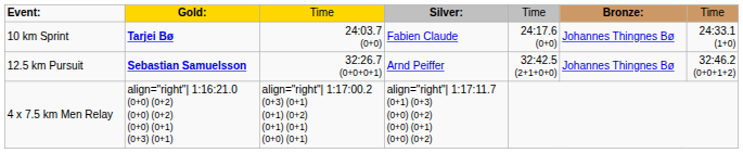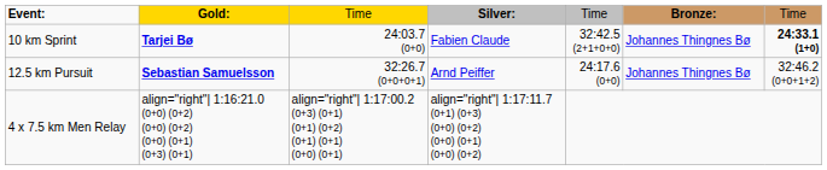 <table class="wikitable" width=85%>
 <tr>
 <td><strong>Event:</strong></td>
 <td style="text-align:center;background-color:gold;"><strong>Gold:</strong></td>
 <td style="text-align:center;background-color:gold;">Time</td>
 <td style="text-align:center;background-color:silver;"><strong>Silver:</strong></td>
 <td style="text-align:center;background-color:silver;">Time</td>
 <td style="text-align:center;background-color:#CC9966;"><strong>Bronze:</strong></td>
 <td style="text-align:center;background-color:#CC9966;">Time</td>
 </tr>
 <tr>
 <td>10 km Sprint<br></td>
 <td><strong><a href='#'>Tarjei Bø</a></strong><br><small></small></td>
 <td align=right>24:03.7<br><small>(0+0)</small></td>
 <td><a href='#'>Fabien Claude</a><br><small></small></td>
-<td align=right>24:17.6<br><small>(0+0)</small></td>
+<td align=right>32:42.5<br><small>(2+1+0+0)</small></td>
 <td><a href='#'>Johannes Thingnes Bø</a><br><small></small></td>
-<td align=right>24:33.1<br><small>(1+0)</small></td>
+<td align=right><strong>24:33.1<br><small>(1+0)</small></strong></td>
 </tr>
 <tr>
 <td>12.5 km Pursuit<br></td>
 <td><strong><a href='#'>Sebastian Samuelsson</a></strong><br><small></small></td>
 <td align=right>32:26.7<br><small>(0+0+0+1)</small></td>
 <td><a href='#'>Arnd Peiffer</a><br><small></small></td>
-<td align=right>32:42.5<br><small>(2+1+0+0)</small></td>
+<td align=right>24:17.6<br><small>(0+0)</small></td>
 <td><a href='#'>Johannes Thingnes Bø</a><br><small></small></td>
 <td align=right>32:46.2<br><small>(0+0+1+2)</small></td>
 </tr>
 <tr>
 <td>4 x 7.5 km Men Relay<br></td>
 <td>align="right"| 1:16:21.0<small><br>(0+0) (0+2)<br>(0+0) (0+2)<br>(0+0) (0+1)<br>(0+3) (0+1)</small></td>
 <td>align="right"| 1:17:00.2<small><br>(0+3) (0+1)<br>(0+1) (0+2)<br>(0+1) (0+1)<br>(0+0) (0+1)</small></td>
 <td>align="right"| 1:17:11.7<small><br>(0+1) (0+3)<br>(0+0) (0+2)<br>(0+0) (0+1)<br>(0+0) (0+2)</small></td>
 </tr>
 </table>
